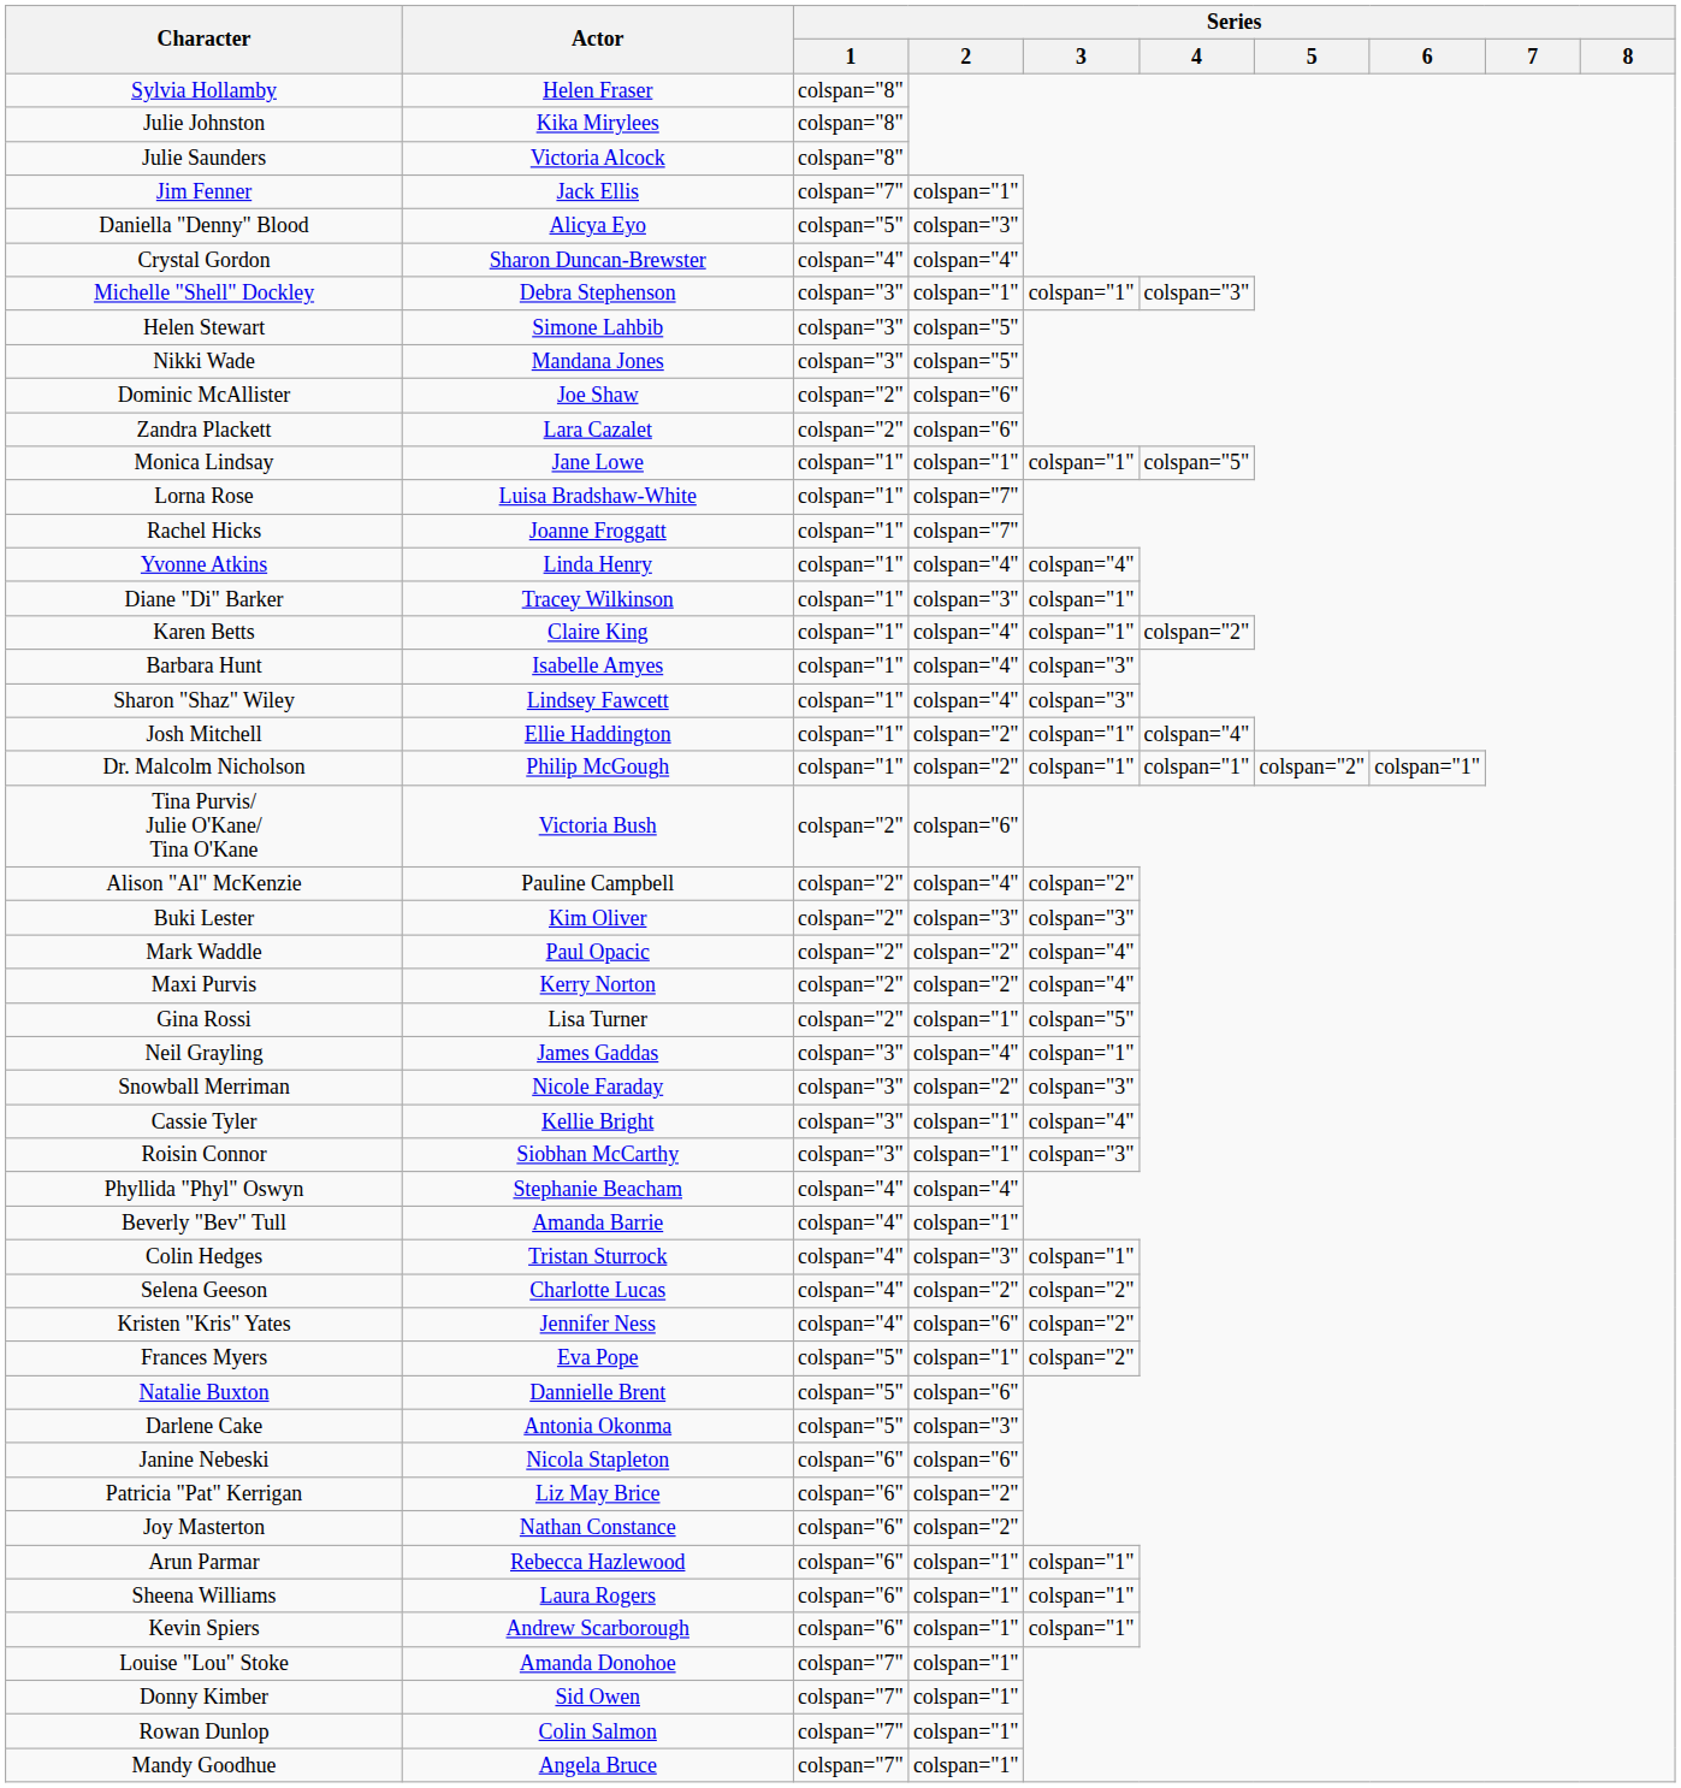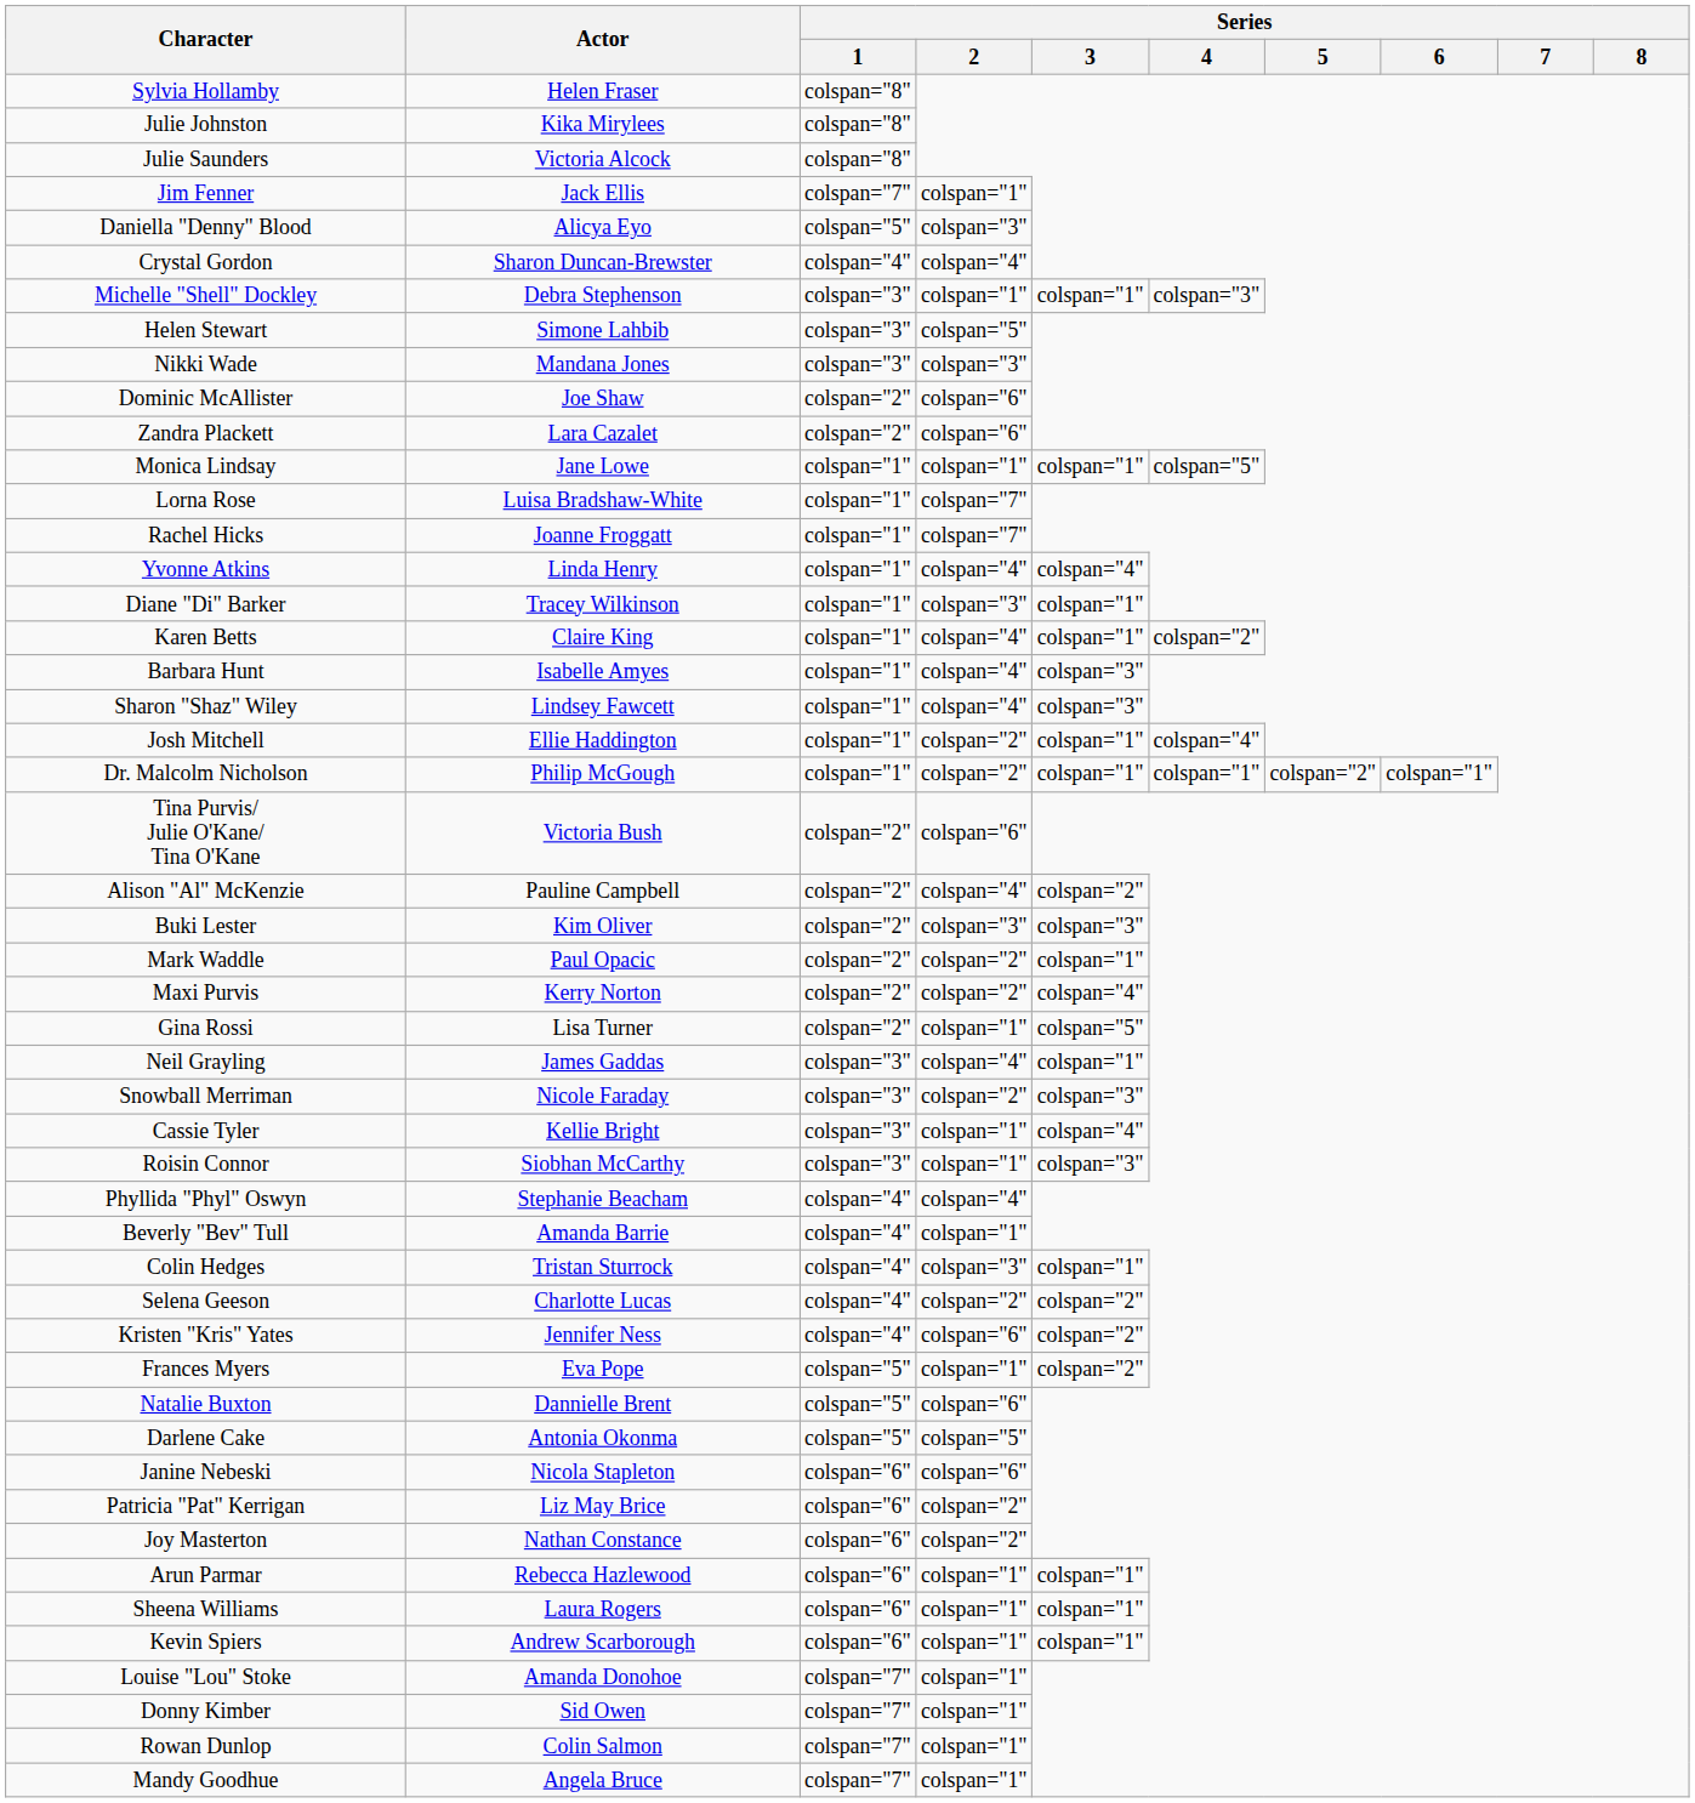 <table class="wikitable" style="text-align:center; width:99%;">
 <tr>
 <th scope="col" rowspan="2">Character</th>
 <th scope="col" rowspan="2">Actor</th>
 <th scope="col" colspan="9">Series</th>
 </tr>
 <tr>
 <th style=width:4em>1</th>
 <th style=width:4em>2</th>
 <th style=width:4em>3</th>
 <th style=width:4em>4</th>
 <th style=width:4em>5</th>
 <th style=width:4em>6</th>
 <th style=width:4em>7</th>
 <th style=width:4em>8</th>
 </tr>
 <tr>
 <td><a href='#'>Sylvia Hollamby</a></td>
 <td><a href='#'>Helen Fraser</a></td>
 <td>colspan="8" </td>
 </tr>
 <tr>
 <td>Julie Johnston</td>
 <td><a href='#'>Kika Mirylees</a></td>
 <td>colspan="8" </td>
 </tr>
 <tr>
 <td>Julie Saunders</td>
 <td><a href='#'>Victoria Alcock</a></td>
 <td>colspan="8" </td>
 </tr>
 <tr>
 <td><a href='#'>Jim Fenner</a></td>
 <td><a href='#'>Jack Ellis</a></td>
 <td>colspan="7" </td>
 <td>colspan="1" </td>
 </tr>
 <tr>
 <td>Daniella "Denny" Blood</td>
 <td><a href='#'>Alicya Eyo</a></td>
 <td>colspan="5" </td>
 <td>colspan="3" </td>
 </tr>
 <tr>
 <td>Crystal Gordon</td>
 <td><a href='#'>Sharon Duncan-Brewster</a></td>
 <td>colspan="4" </td>
 <td>colspan="4" </td>
 </tr>
 <tr>
 <td><a href='#'>Michelle "Shell" Dockley</a></td>
 <td><a href='#'>Debra Stephenson</a></td>
 <td>colspan="3" </td>
 <td>colspan="1" </td>
 <td>colspan="1" </td>
 <td>colspan="3" </td>
 </tr>
 <tr>
 <td>Helen Stewart</td>
 <td><a href='#'>Simone Lahbib</a></td>
 <td>colspan="3" </td>
 <td>colspan="5" </td>
 </tr>
 <tr>
 <td>Nikki Wade</td>
 <td><a href='#'>Mandana Jones</a></td>
 <td>colspan="3" </td>
-<td>colspan="5" </td>
+<td>colspan="3" </td>
 </tr>
 <tr>
 <td>Dominic McAllister</td>
 <td><a href='#'>Joe Shaw</a></td>
 <td>colspan="2" </td>
 <td>colspan="6" </td>
 </tr>
 <tr>
 <td>Zandra Plackett</td>
 <td><a href='#'>Lara Cazalet</a></td>
 <td>colspan="2" </td>
 <td>colspan="6" </td>
 </tr>
 <tr>
 <td>Monica Lindsay</td>
 <td><a href='#'>Jane Lowe</a></td>
 <td>colspan="1" </td>
 <td>colspan="1" </td>
 <td>colspan="1" </td>
 <td>colspan="5" </td>
 </tr>
 <tr>
 <td>Lorna Rose</td>
 <td><a href='#'>Luisa Bradshaw-White</a></td>
 <td>colspan="1" </td>
 <td>colspan="7" </td>
 </tr>
 <tr>
 <td>Rachel Hicks</td>
 <td><a href='#'>Joanne Froggatt</a></td>
 <td>colspan="1" </td>
 <td>colspan="7" </td>
 </tr>
 <tr>
 <td><a href='#'>Yvonne Atkins</a></td>
 <td><a href='#'>Linda Henry</a></td>
 <td>colspan="1" </td>
 <td>colspan="4" </td>
 <td>colspan="4" </td>
 </tr>
 <tr>
 <td>Diane "Di" Barker</td>
 <td><a href='#'>Tracey Wilkinson</a></td>
 <td>colspan="1" </td>
 <td>colspan="3" </td>
 <td>colspan="1" </td>
 </tr>
 <tr>
 <td>Karen Betts</td>
 <td><a href='#'>Claire King</a></td>
 <td>colspan="1" </td>
 <td>colspan="4" </td>
 <td>colspan="1" </td>
 <td>colspan="2" </td>
 </tr>
 <tr>
 <td>Barbara Hunt</td>
 <td><a href='#'>Isabelle Amyes</a></td>
 <td>colspan="1" </td>
 <td>colspan="4" </td>
 <td>colspan="3" </td>
 </tr>
 <tr>
 <td>Sharon "Shaz" Wiley</td>
 <td><a href='#'>Lindsey Fawcett</a></td>
 <td>colspan="1" </td>
 <td>colspan="4" </td>
 <td>colspan="3" </td>
 </tr>
 <tr>
 <td>Josh Mitchell</td>
 <td><a href='#'>Ellie Haddington</a></td>
 <td>colspan="1" </td>
 <td>colspan="2" </td>
 <td>colspan="1" </td>
 <td>colspan="4" </td>
 </tr>
 <tr>
 <td>Dr. Malcolm Nicholson</td>
 <td><a href='#'>Philip McGough</a></td>
 <td>colspan="1" </td>
 <td>colspan="2" </td>
 <td>colspan="1" </td>
 <td>colspan="1" </td>
 <td>colspan="2" </td>
 <td>colspan="1" </td>
 </tr>
 <tr>
 <td>Tina Purvis/<br>Julie O'Kane/<br>Tina O'Kane</td>
 <td><a href='#'>Victoria Bush</a></td>
 <td>colspan="2" </td>
 <td>colspan="6" </td>
 </tr>
 <tr>
 <td>Alison "Al" McKenzie</td>
 <td>Pauline Campbell</td>
 <td>colspan="2" </td>
 <td>colspan="4" </td>
 <td>colspan="2" </td>
 </tr>
 <tr>
 <td>Buki Lester</td>
 <td><a href='#'>Kim Oliver</a></td>
 <td>colspan="2" </td>
 <td>colspan="3" </td>
 <td>colspan="3" </td>
 </tr>
 <tr>
 <td>Mark Waddle</td>
 <td><a href='#'>Paul Opacic</a></td>
 <td>colspan="2" </td>
 <td>colspan="2" </td>
-<td>colspan="4" </td>
+<td>colspan="1" </td>
 </tr>
 <tr>
 <td>Maxi Purvis</td>
 <td><a href='#'>Kerry Norton</a></td>
 <td>colspan="2" </td>
 <td>colspan="2" </td>
 <td>colspan="4" </td>
 </tr>
 <tr>
 <td>Gina Rossi</td>
 <td>Lisa Turner</td>
 <td>colspan="2" </td>
 <td>colspan="1" </td>
 <td>colspan="5" </td>
 </tr>
 <tr>
 <td>Neil Grayling</td>
 <td><a href='#'>James Gaddas</a></td>
 <td>colspan="3" </td>
 <td>colspan="4" </td>
 <td>colspan="1" </td>
 </tr>
 <tr>
 <td>Snowball Merriman</td>
 <td><a href='#'>Nicole Faraday</a></td>
 <td>colspan="3" </td>
 <td>colspan="2" </td>
 <td>colspan="3" </td>
 </tr>
 <tr>
 <td>Cassie Tyler</td>
 <td><a href='#'>Kellie Bright</a></td>
 <td>colspan="3" </td>
 <td>colspan="1" </td>
 <td>colspan="4" </td>
 </tr>
 <tr>
 <td>Roisin Connor</td>
 <td><a href='#'>Siobhan McCarthy</a></td>
 <td>colspan="3" </td>
 <td>colspan="1" </td>
 <td>colspan="3" </td>
 </tr>
 <tr>
 <td>Phyllida "Phyl" Oswyn</td>
 <td><a href='#'>Stephanie Beacham</a></td>
 <td>colspan="4" </td>
 <td>colspan="4" </td>
 </tr>
 <tr>
 <td>Beverly "Bev" Tull</td>
 <td><a href='#'>Amanda Barrie</a></td>
 <td>colspan="4" </td>
 <td>colspan="1" </td>
 </tr>
 <tr>
 <td>Colin Hedges</td>
 <td><a href='#'>Tristan Sturrock</a></td>
 <td>colspan="4" </td>
 <td>colspan="3" </td>
 <td>colspan="1" </td>
 </tr>
 <tr>
 <td>Selena Geeson</td>
 <td><a href='#'>Charlotte Lucas</a></td>
 <td>colspan="4" </td>
 <td>colspan="2" </td>
 <td>colspan="2" </td>
 </tr>
 <tr>
 <td>Kristen "Kris" Yates</td>
 <td><a href='#'>Jennifer Ness</a></td>
 <td>colspan="4" </td>
 <td>colspan="6" </td>
 <td>colspan="2" </td>
 </tr>
 <tr>
 <td>Frances Myers</td>
 <td><a href='#'>Eva Pope</a></td>
 <td>colspan="5" </td>
 <td>colspan="1" </td>
 <td>colspan="2" </td>
 </tr>
 <tr>
 <td><a href='#'>Natalie Buxton</a></td>
 <td><a href='#'>Dannielle Brent</a></td>
 <td>colspan="5" </td>
 <td>colspan="6" </td>
 </tr>
 <tr>
 <td>Darlene Cake</td>
 <td><a href='#'>Antonia Okonma</a></td>
 <td>colspan="5" </td>
-<td>colspan="3" </td>
+<td>colspan="5" </td>
 </tr>
 <tr>
 <td>Janine Nebeski</td>
 <td><a href='#'>Nicola Stapleton</a></td>
 <td>colspan="6" </td>
 <td>colspan="6" </td>
 </tr>
 <tr>
 <td>Patricia "Pat" Kerrigan</td>
 <td><a href='#'>Liz May Brice</a></td>
 <td>colspan="6" </td>
 <td>colspan="2" </td>
 </tr>
 <tr>
 <td>Joy Masterton</td>
 <td><a href='#'>Nathan Constance</a></td>
 <td>colspan="6" </td>
 <td>colspan="2" </td>
 </tr>
 <tr>
 <td>Arun Parmar</td>
 <td><a href='#'>Rebecca Hazlewood</a></td>
 <td>colspan="6" </td>
 <td>colspan="1" </td>
 <td>colspan="1" </td>
 </tr>
 <tr>
 <td>Sheena Williams</td>
 <td><a href='#'>Laura Rogers</a></td>
 <td>colspan="6" </td>
 <td>colspan="1" </td>
 <td>colspan="1" </td>
 </tr>
 <tr>
 <td>Kevin Spiers</td>
 <td><a href='#'>Andrew Scarborough</a></td>
 <td>colspan="6" </td>
 <td>colspan="1" </td>
 <td>colspan="1" </td>
 </tr>
 <tr>
 <td>Louise "Lou" Stoke</td>
 <td><a href='#'>Amanda Donohoe</a></td>
 <td>colspan="7" </td>
 <td>colspan="1" </td>
 </tr>
 <tr>
 <td>Donny Kimber</td>
 <td><a href='#'>Sid Owen</a></td>
 <td>colspan="7" </td>
 <td>colspan="1" </td>
 </tr>
 <tr>
 <td>Rowan Dunlop</td>
 <td><a href='#'>Colin Salmon</a></td>
 <td>colspan="7" </td>
 <td>colspan="1" </td>
 </tr>
 <tr>
 <td>Mandy Goodhue</td>
 <td><a href='#'>Angela Bruce</a></td>
 <td>colspan="7" </td>
 <td>colspan="1" </td>
 </tr>
 </table>
